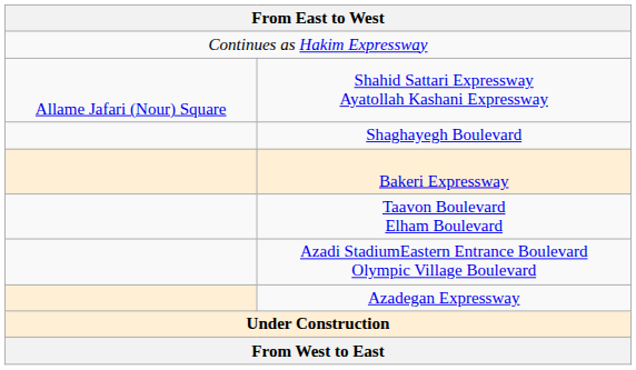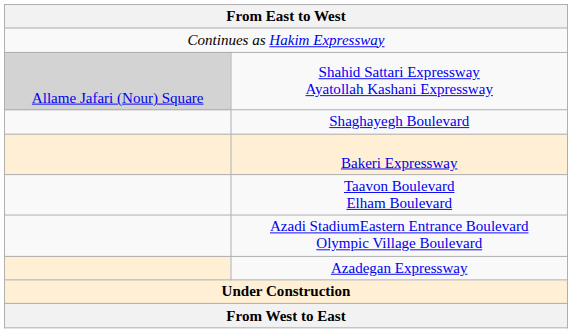 <table class="wikitable" style="text-align:center" width="600px">
 <tr>
 <th text-align="center" colspan="3"> From East to West </th>
 </tr>
 <tr>
 <td colspan="3"><em>Continues as  <a href='#'>Hakim Expressway</a></em></td>
 </tr>
 <tr>
-<td><br><br><a href='#'>Allame Jafari (Nour) Square</a></td>
+<td style="background: lightgrey;"><br><br><a href='#'>Allame Jafari (Nour) Square</a></td>
 <td><a href='#'>Shahid Sattari Expressway</a><br> <a href='#'>Ayatollah Kashani Expressway</a></td>
 </tr>
 <tr>
 <td></td>
 <td> <a href='#'>Shaghayegh Boulevard</a></td>
 </tr>
 <tr>
 <td align="center" bgcolor="#FFEFD5"><br></td>
 <td align="center" bgcolor="#FFEFD5"><br> <a href='#'>Bakeri Expressway</a></td>
 </tr>
 <tr>
 <td></td>
 <td> <a href='#'>Taavon Boulevard</a><br> <a href='#'>Elham Boulevard</a></td>
 </tr>
 <tr>
 <td><br></td>
 <td> <a href='#'>Azadi Stadium</a><a href='#'>Eastern Entrance Boulevard</a><br> <a href='#'>Olympic Village Boulevard</a></td>
 </tr>
 <tr>
 <td align="center" bgcolor="#FFEFD5"><br></td>
 <td> <a href='#'>Azadegan Expressway</a></td>
 </tr>
 <tr>
 <td text-align="center" colspan="3" bgcolor="#FFEFD5"> <strong>Under Construction</strong> </td>
 </tr>
 <tr>
 <th text-align="center" colspan="3"> From West to East </th>
 </tr>
 </table>
